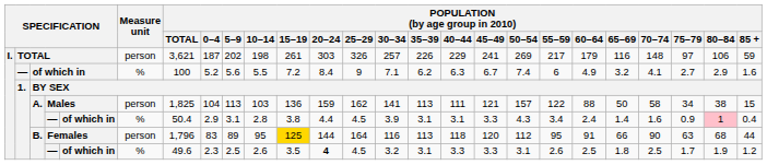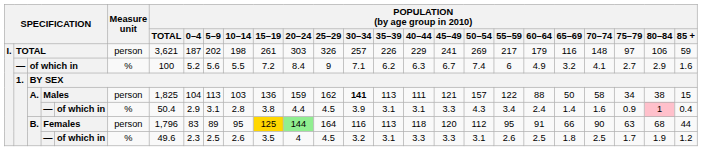 <table class="wikitable" style="font-size:85%; text-align:center">
 <tr>
 <th rowspan="2" colspan="5">SPECIFICATION</th>
 <th rowspan="2">Measure<br> unit</th>
 <th colspan="20" rowspan="1">POPULATION<br> (by age group in 2010)</th>
 </tr>
 <tr>
 <th>TOTAL</th>
 <th>0–4</th>
 <th>5–9</th>
 <th>10–14</th>
 <th>15–19</th>
 <th>20–24</th>
 <th>25–29</th>
 <th>30–34</th>
 <th>35–39</th>
 <th>40–44</th>
 <th>45–49</th>
 <th>50–54</th>
 <th>55–59</th>
 <th>60–64</th>
 <th>65–69</th>
 <th>70–74</th>
 <th>75–79</th>
 <th>80–84</th>
 <th>85 +</th>
 </tr>
 <tr>
 <th style="text-align:left" valign="top" rowspan="7">I.</th>
 <th style="text-align:left" colspan="4">TOTAL</th>
 <td>person</td>
 <td>3,621</td>
 <td>187</td>
 <td>202</td>
 <td>198</td>
 <td>261</td>
 <td>303</td>
 <td>326</td>
 <td>257</td>
 <td>226</td>
 <td>229</td>
 <td>241</td>
 <td>269</td>
 <td>217</td>
 <td>179</td>
 <td>116</td>
 <td>148</td>
 <td>97</td>
 <td>106</td>
 <td>59</td>
 </tr>
 <tr>
 <th style="text-align:left" valign="top">—</th>
 <th style="text-align:left" colspan="3">of which in</th>
 <td>%</td>
 <td>100</td>
 <td>5.2</td>
 <td>5.6</td>
 <td>5.5</td>
 <td>7.2</td>
 <td>8.4</td>
 <td>9</td>
 <td>7.1</td>
 <td>6.2</td>
 <td>6.3</td>
 <td>6.7</td>
 <td>7.4</td>
 <td>6</td>
 <td>4.9</td>
 <td>3.2</td>
 <td>4.1</td>
 <td>2.7</td>
 <td>2.9</td>
 <td>1.6</td>
 </tr>
 <tr>
 <th style="text-align:left" valign="top" rowspan="5">1.</th>
 <th style="text-align:left" colspan="23">BY SEX</th>
 </tr>
 <tr>
 <th style="text-align:left" valign="top" rowspan="2">A.</th>
 <th style="text-align:left" colspan="2">Males</th>
 <td>person</td>
 <td>1,825</td>
 <td>104</td>
 <td>113</td>
 <td>103</td>
 <td>136</td>
 <td>159</td>
 <td>162</td>
-<td>141</td>
+<td><strong>141</strong></td>
 <td>113</td>
 <td>111</td>
 <td>121</td>
 <td>157</td>
 <td>122</td>
 <td>88</td>
 <td>50</td>
 <td>58</td>
 <td>34</td>
 <td>38</td>
 <td>15</td>
 </tr>
 <tr>
 <th style="text-align:left" valign="top">—</th>
 <th style="text-align:left" colspan="1">of which in</th>
 <td>%</td>
 <td>50.4</td>
 <td>2.9</td>
 <td>3.1</td>
 <td>2.8</td>
 <td>3.8</td>
 <td>4.4</td>
 <td>4.5</td>
 <td>3.9</td>
 <td>3.1</td>
 <td>3.1</td>
 <td>3.3</td>
 <td>4.3</td>
 <td>3.4</td>
 <td>2.4</td>
 <td>1.4</td>
 <td>1.6</td>
 <td>0.9</td>
 <td style="background: pink;">1</td>
 <td>0.4</td>
 </tr>
 <tr>
 <th style="text-align:left" valign="top" rowspan="2">B.</th>
 <th style="text-align:left" colspan="2">Females</th>
 <td>person</td>
 <td>1,796</td>
 <td>83</td>
 <td>89</td>
 <td>95</td>
 <td style="background: gold;">125</td>
-<td>144</td>
+<td style="background: lightgreen;">144</td>
 <td>164</td>
 <td>116</td>
 <td>113</td>
 <td>118</td>
 <td>120</td>
 <td>112</td>
 <td>95</td>
 <td>91</td>
 <td>66</td>
 <td>90</td>
 <td>63</td>
 <td>68</td>
 <td>44</td>
 </tr>
 <tr>
 <th style="text-align:left" valign="top">—</th>
 <th style="text-align:left" colspan="1">of which in</th>
 <td>%</td>
 <td>49.6</td>
 <td>2.3</td>
 <td>2.5</td>
 <td>2.6</td>
 <td>3.5</td>
-<td><strong>4</strong></td>
+<td>4</td>
 <td>4.5</td>
 <td>3.2</td>
 <td>3.1</td>
 <td>3.3</td>
 <td>3.3</td>
 <td>3.1</td>
 <td>2.6</td>
 <td>2.5</td>
 <td>1.8</td>
 <td>2.5</td>
 <td>1.7</td>
 <td>1.9</td>
 <td>1.2</td>
 </tr>
 </table>
